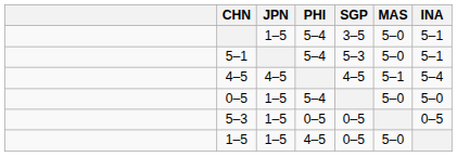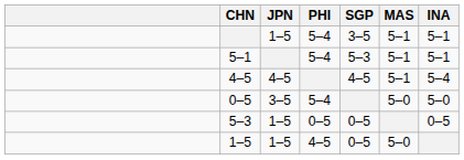 <table class="wikitable" style="text-align:center">
 <tr>
 <th width="250"> </th>
 <th width="40">CHN</th>
 <th width="40">JPN</th>
 <th width="40">PHI</th>
 <th width="40">SGP</th>
 <th width="40">MAS</th>
 <th width="40">INA</th>
 </tr>
 <tr>
 <td align=left></td>
 <th></th>
 <td>1–5</td>
 <td>5–4</td>
 <td>3–5</td>
-<td>5–0</td>
+<td>5–1</td>
 <td>5–1</td>
 </tr>
 <tr>
 <td align=left></td>
 <td>5–1</td>
 <th></th>
 <td>5–4</td>
 <td>5–3</td>
-<td>5–0</td>
+<td>5–1</td>
 <td>5–1</td>
 </tr>
 <tr>
 <td align=left></td>
 <td>4–5</td>
 <td>4–5</td>
 <th></th>
 <td>4–5</td>
 <td>5–1</td>
 <td>5–4</td>
 </tr>
 <tr>
 <td align=left></td>
 <td>0–5</td>
-<td>1–5</td>
+<td>3–5</td>
 <td>5–4</td>
 <th></th>
 <td>5–0</td>
 <td>5–0</td>
 </tr>
 <tr>
 <td align=left></td>
 <td>5–3</td>
 <td>1–5</td>
 <td>0–5</td>
 <td>0–5</td>
 <th></th>
 <td>0–5</td>
 </tr>
 <tr>
 <td align=left></td>
 <td>1–5</td>
 <td>1–5</td>
 <td>4–5</td>
 <td>0–5</td>
 <td>5–0</td>
 <th></th>
 </tr>
 </table>
